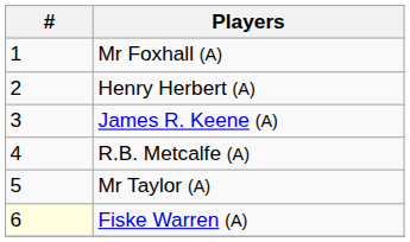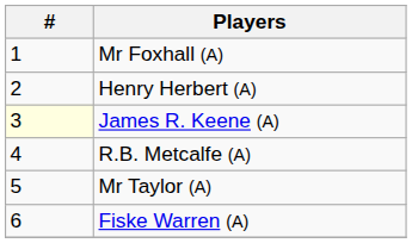 <table class="wikitable" style="font-size:98%;">
 <tr>
 <th style="width:60px;">#</th>
 <th style="width:230px;">Players</th>
 </tr>
 <tr>
 <td>1</td>
 <td> Mr Foxhall <small>(A)</small></td>
 </tr>
 <tr>
 <td>2</td>
 <td> Henry Herbert <small>(A)</small></td>
 </tr>
 <tr>
-<td>3</td>
+<td style="background: lightyellow;">3</td>
 <td> <a href='#'>James R. Keene</a> <small>(A)</small></td>
 </tr>
 <tr>
 <td>4</td>
 <td>  R.B. Metcalfe <small>(A)</small></td>
 </tr>
 <tr>
 <td>5</td>
 <td> Mr Taylor <small>(A)</small></td>
 </tr>
 <tr>
-<td style="background: lightyellow;">6</td>
+<td>6</td>
 <td>  <a href='#'>Fiske Warren</a> <small>(A)</small></td>
 </tr>
 <tr>
 </tr>
 </table>
